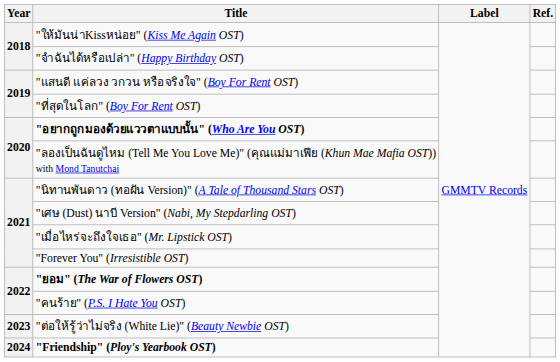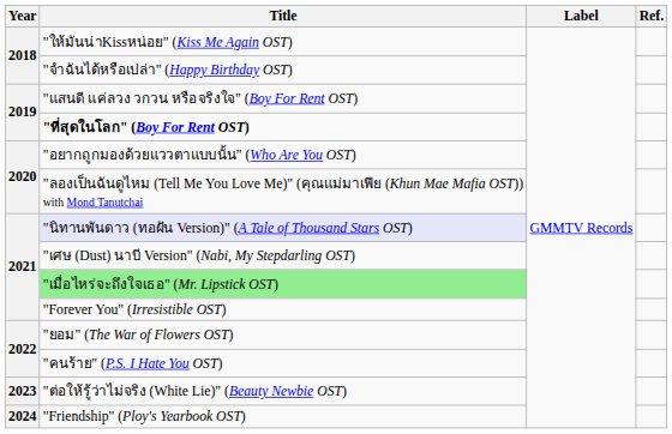 <table class="wikitable sortable">
 <tr>
 <th scope="col">Year</th>
 <th scope="col">Title</th>
 <th scope="col">Label</th>
 <th scope="col" class="unsortable">Ref.</th>
 </tr>
 <tr>
 <th rowspan="2">2018</th>
 <td>"ให้มันน่าKissหน่อย" (<em><a href='#'>Kiss Me Again</a> OST</em>)</td>
 <td rowspan="14"><a href='#'>GMMTV Records</a></td>
 <td style="text-align: center;"></td>
 </tr>
 <tr>
 <td>"จำฉันได้หรือเปล่า" (<em><a href='#'>Happy Birthday</a> OST</em>)</td>
 <td style="text-align: center;"></td>
 </tr>
 <tr>
 <th rowspan="2">2019</th>
 <td>"แสนดี แค่ลวง วกวน หรือจริงใจ" (<em><a href='#'>Boy For Rent</a> OST</em>)</td>
 <td style="text-align: center;"></td>
 </tr>
 <tr>
-<td>"ที่สุดในโลก" (<em><a href='#'>Boy For Rent</a> OST</em>)</td>
+<td><strong>"ที่สุดในโลก" (<em><a href='#'>Boy For Rent</a> OST</em>)</strong></td>
 <td style="text-align: center;"></td>
 </tr>
 <tr>
 <th rowspan="2">2020</th>
-<td><strong>"อยากถูกมองด้วยแววตาแบบนั้น" (<em><a href='#'>Who Are You</a> OST</em>)</strong></td>
+<td>"อยากถูกมองด้วยแววตาแบบนั้น" (<em><a href='#'>Who Are You</a> OST</em>)</td>
 <td style="text-align: center;"></td>
 </tr>
 <tr>
 <td>"ลองเป็นฉันดูไหม (Tell Me You Love Me)" (คุณแม่มาเฟีย (<em>Khun Mae Mafia OST</em>))<br><small>with <a href='#'>Mond Tanutchai</a></small></td>
 <td></td>
 </tr>
 <tr>
 <th rowspan="4">2021</th>
-<td>"นิทานพันดาว (ทอฝัน Version)" (<em><a href='#'>A Tale of Thousand Stars</a> OST</em>)</td>
+<td style="background: lavender;">"นิทานพันดาว (ทอฝัน Version)" (<em><a href='#'>A Tale of Thousand Stars</a> OST</em>)</td>
 <td></td>
 </tr>
 <tr>
 <td>"เศษ (Dust) นาบี Version" (<em>Nabi, My Stepdarling OST</em>)</td>
 <td></td>
 </tr>
 <tr>
-<td>"เมื่อไหร่จะถึงใจเธอ" (<em>Mr. Lipstick OST</em>)</td>
+<td style="background: lightgreen;">"เมื่อไหร่จะถึงใจเธอ" (<em>Mr. Lipstick OST</em>)</td>
 <td></td>
 </tr>
 <tr>
 <td>"Forever You" (<em>Irresistible OST</em>)</td>
 <td></td>
 </tr>
 <tr>
 <th rowspan="2">2022</th>
-<td><strong>"ยอม" (<em>The War of Flowers OST</em>)</strong></td>
+<td>"ยอม" (<em>The War of Flowers OST</em>)</td>
 <td></td>
 </tr>
 <tr>
 <td>"คนร้าย" (<em><a href='#'>P.S. I Hate You</a> OST</em>)</td>
 <td></td>
 </tr>
 <tr>
 <th>2023</th>
 <td>"ต่อให้รู้ว่าไม่จริง (White Lie)" (<em><a href='#'>Beauty Newbie</a> OST</em>)</td>
 <td></td>
 </tr>
 <tr>
 <th>2024</th>
-<td><strong>"Friendship" (<em>Ploy's Yearbook OST</em>)</strong></td>
+<td>"Friendship" (<em>Ploy's Yearbook OST</em>)</td>
 <td></td>
 </tr>
 </table>
